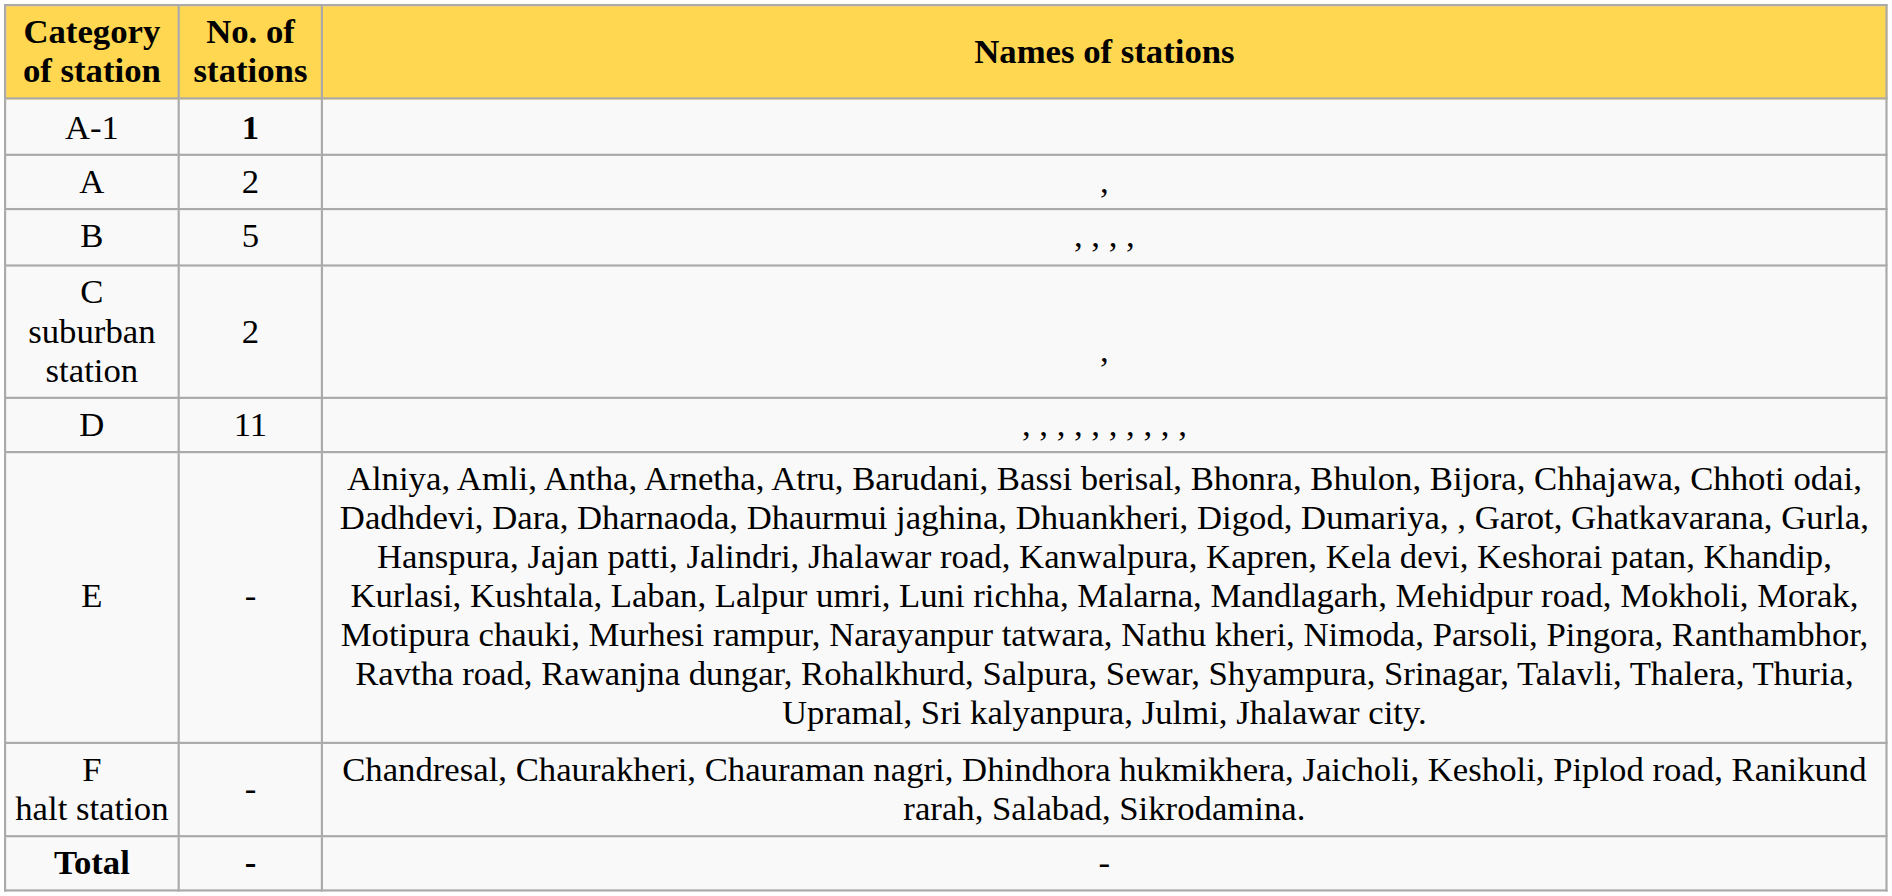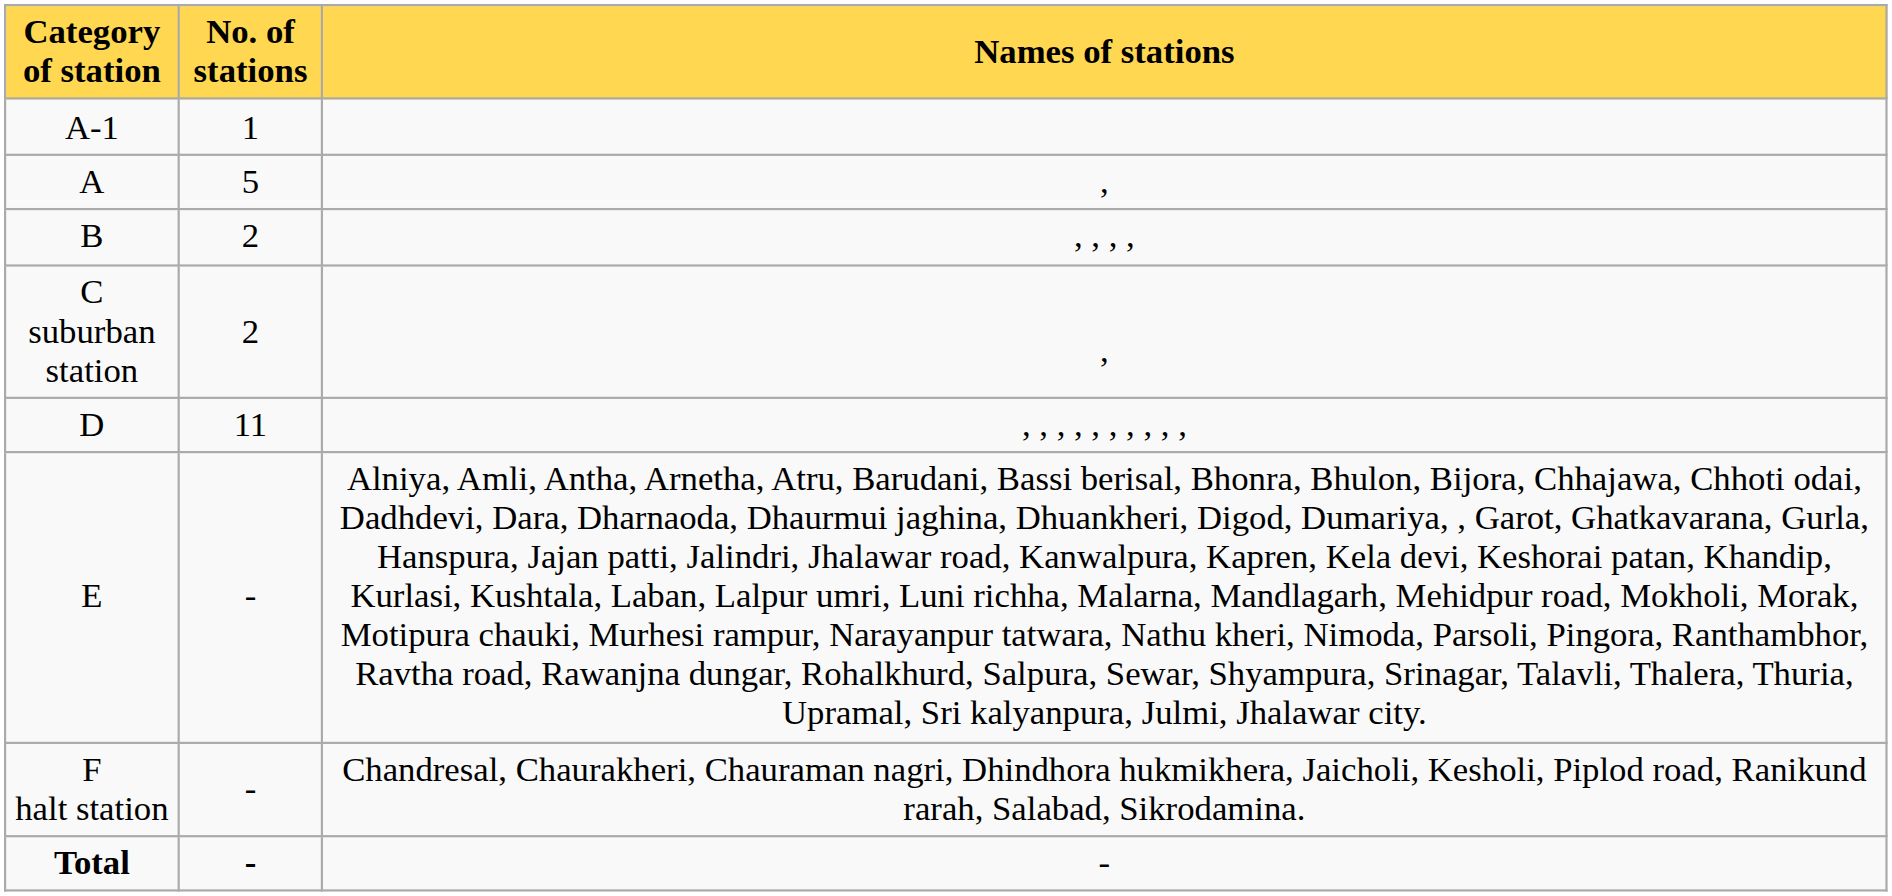 <table class="wikitable sortable">
 <tr>
 <th style="background:#ffd750;" !>Category of station</th>
 <th style="background:#ffd750;" !>No. of stations</th>
 <th style="background:#ffd750;" !>Names of stations</th>
 </tr>
 <tr>
 <td style="text-align:center;">A-1</td>
-<td style="text-align:center;"><strong>1</strong></td>
+<td style="text-align:center;">1</td>
 <td style="text-align:center;"></td>
 </tr>
 <tr>
 <td style="text-align:center;">A</td>
-<td style="text-align:center;">2</td>
+<td style="text-align:center;">5</td>
 <td style="text-align:center;">, </td>
 </tr>
 <tr>
 <td style="text-align:center;">B</td>
-<td style="text-align:center;">5</td>
+<td style="text-align:center;">2</td>
 <td style="text-align:center;">, , , , </td>
 </tr>
 <tr>
 <td style="text-align:center;">C<br>suburban station</td>
 <td style="text-align:center;">2</td>
 <td style="text-align:center;"><br>, </td>
 </tr>
 <tr>
 <td style="text-align:center;">D</td>
 <td style="text-align:center;">11</td>
 <td style="text-align:center;">, , , , , , , , , , </td>
 </tr>
 <tr>
 <td style="text-align:center;">E</td>
 <td style="text-align:center;">-</td>
 <td style="text-align:center;">Alniya, Amli, Antha, Arnetha, Atru, Barudani, Bassi berisal, Bhonra, Bhulon, Bijora, Chhajawa, Chhoti odai, Dadhdevi, Dara, Dharnaoda, Dhaurmui jaghina, Dhuankheri, Digod, Dumariya, , Garot, Ghatkavarana, Gurla, Hanspura, Jajan patti, Jalindri, Jhalawar road, Kanwalpura, Kapren, Kela devi, Keshorai patan, Khandip, Kurlasi, Kushtala, Laban, Lalpur umri, Luni richha, Malarna, Mandlagarh, Mehidpur road, Mokholi, Morak, Motipura chauki, Murhesi rampur, Narayanpur tatwara, Nathu kheri, Nimoda, Parsoli, Pingora, Ranthambhor, Ravtha road, Rawanjna dungar, Rohalkhurd, Salpura, Sewar, Shyampura, Srinagar, Talavli, Thalera, Thuria, Upramal, Sri kalyanpura, Julmi, Jhalawar city.</td>
 </tr>
 <tr>
 <td style="text-align:center;">F<br>halt station</td>
 <td style="text-align:center;">-</td>
 <td style="text-align:center;">Chandresal, Chaurakheri, Chauraman nagri, Dhindhora hukmikhera, Jaicholi, Kesholi, Piplod road, Ranikund rarah, Salabad, Sikrodamina.</td>
 </tr>
 <tr>
 <td style="text-align:center;"><strong>Total</strong></td>
 <td style="text-align:center;"><strong>-</strong></td>
 <td style="text-align:center;">-</td>
 </tr>
 </table>
